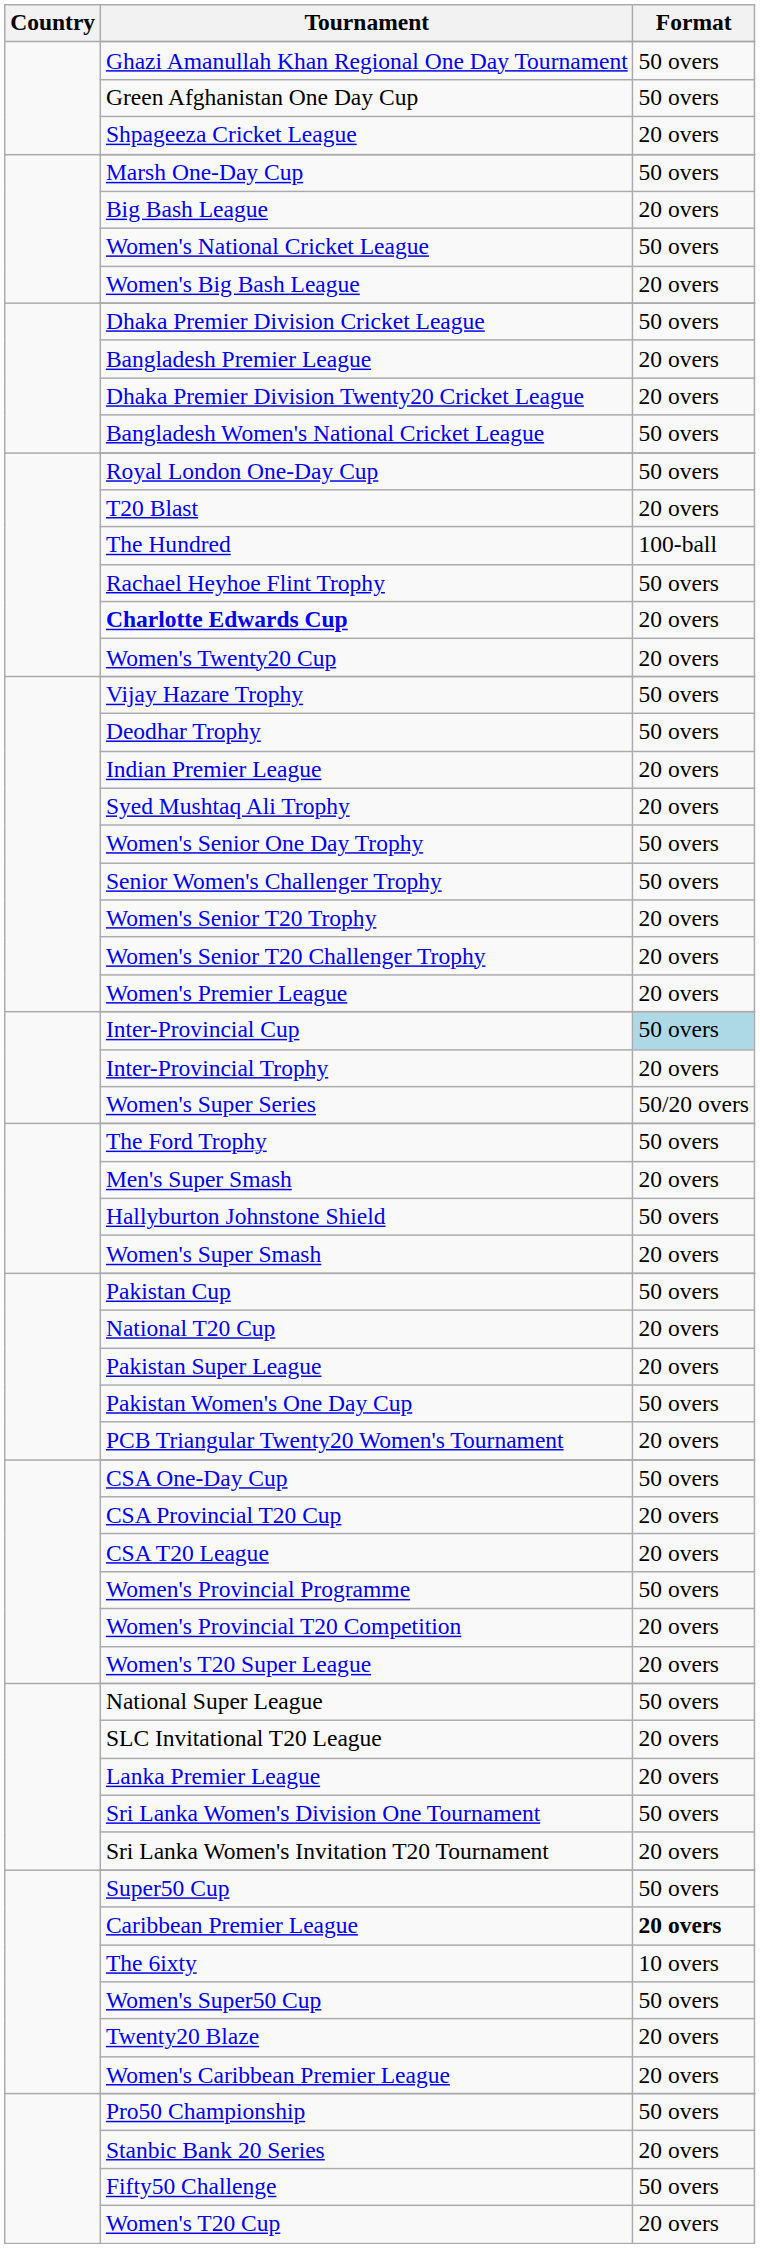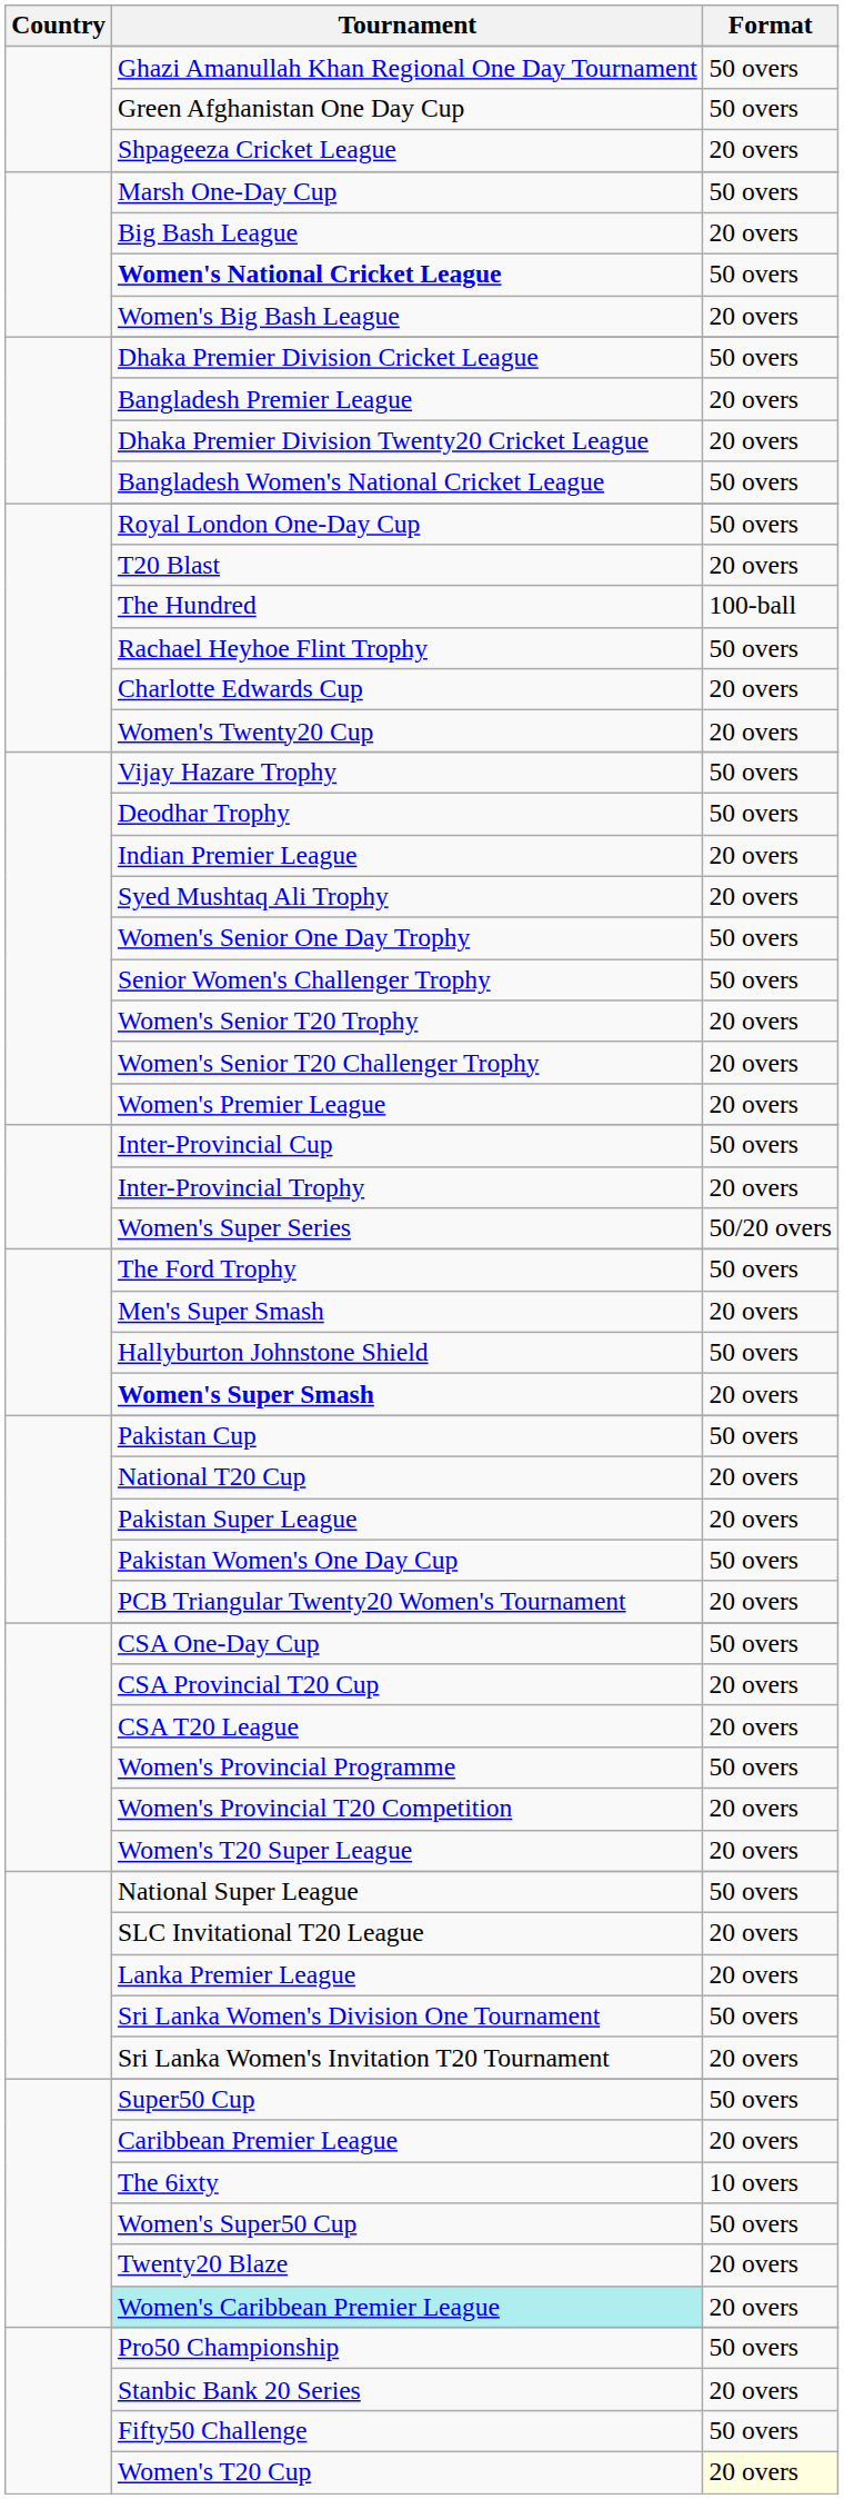 <table class="wikitable">
 <tr>
 <th>Country</th>
 <th>Tournament</th>
 <th>Format</th>
 </tr>
 <tr>
 <td rowspan=4></td>
 </tr>
 <tr>
 <td><a href='#'>Ghazi Amanullah Khan Regional One Day Tournament</a></td>
 <td>50 overs</td>
 </tr>
 <tr>
 <td>Green Afghanistan One Day Cup</td>
 <td>50 overs</td>
 </tr>
 <tr>
 <td><a href='#'>Shpageeza Cricket League</a></td>
 <td>20 overs</td>
 </tr>
 <tr>
 <td rowspan=5></td>
 </tr>
 <tr>
 <td><a href='#'>Marsh One-Day Cup</a></td>
 <td>50 overs</td>
 </tr>
 <tr>
 <td><a href='#'>Big Bash League</a></td>
 <td>20 overs</td>
 </tr>
 <tr>
-<td><a href='#'>Women's National Cricket League</a></td>
+<td><strong><a href='#'>Women's National Cricket League</a></strong></td>
 <td>50 overs</td>
 </tr>
 <tr>
 <td><a href='#'>Women's Big Bash League</a></td>
 <td>20 overs</td>
 </tr>
 <tr>
 <td rowspan=5></td>
 </tr>
 <tr>
 <td><a href='#'>Dhaka Premier Division Cricket League</a></td>
 <td>50 overs</td>
 </tr>
 <tr>
 <td><a href='#'>Bangladesh Premier League</a></td>
 <td>20 overs</td>
 </tr>
 <tr>
 <td><a href='#'>Dhaka Premier Division Twenty20 Cricket League</a></td>
 <td>20 overs</td>
 </tr>
 <tr>
 <td><a href='#'>Bangladesh Women's National Cricket League</a></td>
 <td>50 overs</td>
 </tr>
 <tr>
 <td rowspan=7></td>
 </tr>
 <tr>
 <td><a href='#'>Royal London One-Day Cup</a></td>
 <td>50 overs</td>
 </tr>
 <tr>
 <td><a href='#'>T20 Blast</a></td>
 <td>20 overs</td>
 </tr>
 <tr>
 <td><a href='#'>The Hundred</a></td>
 <td>100-ball</td>
 </tr>
 <tr>
 <td><a href='#'>Rachael Heyhoe Flint Trophy</a></td>
 <td>50 overs</td>
 </tr>
 <tr>
-<td><strong><a href='#'>Charlotte Edwards Cup</a></strong></td>
+<td><a href='#'>Charlotte Edwards Cup</a></td>
 <td>20 overs</td>
 </tr>
 <tr>
 <td><a href='#'>Women's Twenty20 Cup</a></td>
 <td>20 overs</td>
 </tr>
 <tr>
 <td rowspan=10></td>
 </tr>
 <tr>
 <td><a href='#'>Vijay Hazare Trophy</a></td>
 <td>50 overs</td>
 </tr>
 <tr>
 <td><a href='#'>Deodhar Trophy</a></td>
 <td>50 overs</td>
 </tr>
 <tr>
 <td><a href='#'>Indian Premier League</a></td>
 <td>20 overs</td>
 </tr>
 <tr>
 <td><a href='#'>Syed Mushtaq Ali Trophy</a></td>
 <td>20 overs</td>
 </tr>
 <tr>
 <td><a href='#'>Women's Senior One Day Trophy</a></td>
 <td>50 overs</td>
 </tr>
 <tr>
 <td><a href='#'>Senior Women's Challenger Trophy</a></td>
 <td>50 overs</td>
 </tr>
 <tr>
 <td><a href='#'>Women's Senior T20 Trophy</a></td>
 <td>20 overs</td>
 </tr>
 <tr>
 <td><a href='#'>Women's Senior T20 Challenger Trophy</a></td>
 <td>20 overs</td>
 </tr>
 <tr>
 <td><a href='#'>Women's Premier League</a></td>
 <td>20 overs</td>
 </tr>
 <tr>
 <td rowspan=4></td>
 </tr>
 <tr>
 <td><a href='#'>Inter-Provincial Cup</a></td>
-<td style="background: lightblue;">50 overs</td>
+<td>50 overs</td>
 </tr>
 <tr>
 <td><a href='#'>Inter-Provincial Trophy</a></td>
 <td>20 overs</td>
 </tr>
 <tr>
 <td><a href='#'>Women's Super Series</a></td>
 <td>50/20 overs</td>
 </tr>
 <tr>
 <td rowspan=5></td>
 </tr>
 <tr>
 <td><a href='#'>The Ford Trophy</a></td>
 <td>50 overs</td>
 </tr>
 <tr>
 <td><a href='#'>Men's Super Smash</a></td>
 <td>20 overs</td>
 </tr>
 <tr>
 <td><a href='#'>Hallyburton Johnstone Shield</a></td>
 <td>50 overs</td>
 </tr>
 <tr>
-<td><a href='#'>Women's Super Smash</a></td>
+<td><strong><a href='#'>Women's Super Smash</a></strong></td>
 <td>20 overs</td>
 </tr>
 <tr>
 <td rowspan=6></td>
 </tr>
 <tr>
 <td><a href='#'>Pakistan Cup</a></td>
 <td>50 overs</td>
 </tr>
 <tr>
 <td><a href='#'>National T20 Cup</a></td>
 <td>20 overs</td>
 </tr>
 <tr>
 <td><a href='#'>Pakistan Super League</a></td>
 <td>20 overs</td>
 </tr>
 <tr>
 <td><a href='#'>Pakistan Women's One Day Cup</a></td>
 <td>50 overs</td>
 </tr>
 <tr>
 <td><a href='#'>PCB Triangular Twenty20 Women's Tournament</a></td>
 <td>20 overs</td>
 </tr>
 <tr>
 <td rowspan=7></td>
 </tr>
 <tr>
 <td><a href='#'>CSA One-Day Cup</a></td>
 <td>50 overs</td>
 </tr>
 <tr>
 <td><a href='#'>CSA Provincial T20 Cup</a></td>
 <td>20 overs</td>
 </tr>
 <tr>
 <td><a href='#'>CSA T20 League</a></td>
 <td>20 overs</td>
 </tr>
 <tr>
 <td><a href='#'>Women's Provincial Programme</a></td>
 <td>50 overs</td>
 </tr>
 <tr>
 <td><a href='#'>Women's Provincial T20 Competition</a></td>
 <td>20 overs</td>
 </tr>
 <tr>
 <td><a href='#'>Women's T20 Super League</a></td>
 <td>20 overs</td>
 </tr>
 <tr>
 <td rowspan=6></td>
 </tr>
 <tr>
 <td>National Super League</td>
 <td>50 overs</td>
 </tr>
 <tr>
 <td>SLC Invitational T20 League</td>
 <td>20 overs</td>
 </tr>
 <tr>
 <td><a href='#'>Lanka Premier League</a></td>
 <td>20 overs</td>
 </tr>
 <tr>
 <td><a href='#'>Sri Lanka Women's Division One Tournament</a></td>
 <td>50 overs</td>
 </tr>
 <tr>
 <td>Sri Lanka Women's Invitation T20 Tournament</td>
 <td>20 overs</td>
 </tr>
 <tr>
 <td rowspan=7></td>
 </tr>
 <tr>
 <td><a href='#'>Super50 Cup</a></td>
 <td>50 overs</td>
 </tr>
 <tr>
 <td><a href='#'>Caribbean Premier League</a></td>
-<td><strong>20 overs</strong></td>
+<td>20 overs</td>
 </tr>
 <tr>
 <td><a href='#'>The 6ixty</a></td>
 <td>10 overs</td>
 </tr>
 <tr>
 <td><a href='#'>Women's Super50 Cup</a></td>
 <td>50 overs</td>
 </tr>
 <tr>
 <td><a href='#'>Twenty20 Blaze</a></td>
 <td>20 overs</td>
 </tr>
 <tr>
-<td><a href='#'>Women's Caribbean Premier League</a></td>
+<td style="background: paleturquoise;"><a href='#'>Women's Caribbean Premier League</a></td>
 <td>20 overs</td>
 </tr>
 <tr>
 <td rowspan=5></td>
 </tr>
 <tr>
 <td><a href='#'>Pro50 Championship</a></td>
 <td>50 overs</td>
 </tr>
 <tr>
 <td><a href='#'>Stanbic Bank 20 Series</a></td>
 <td>20 overs</td>
 </tr>
 <tr>
 <td><a href='#'>Fifty50 Challenge</a></td>
 <td>50 overs</td>
 </tr>
 <tr>
 <td><a href='#'>Women's T20 Cup</a></td>
-<td>20 overs</td>
+<td style="background: lightyellow;">20 overs</td>
 </tr>
 </table>
